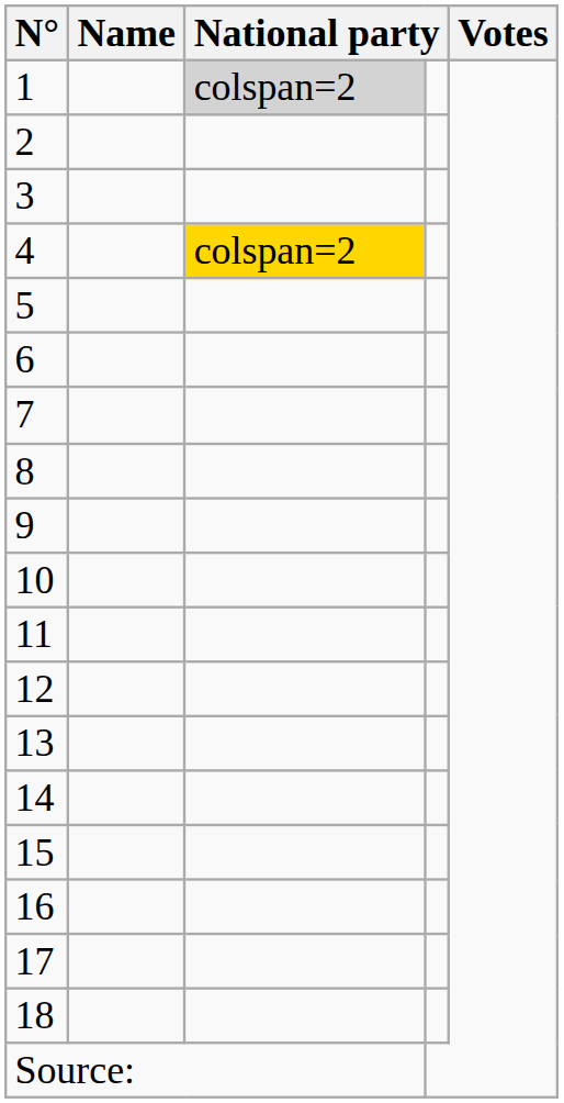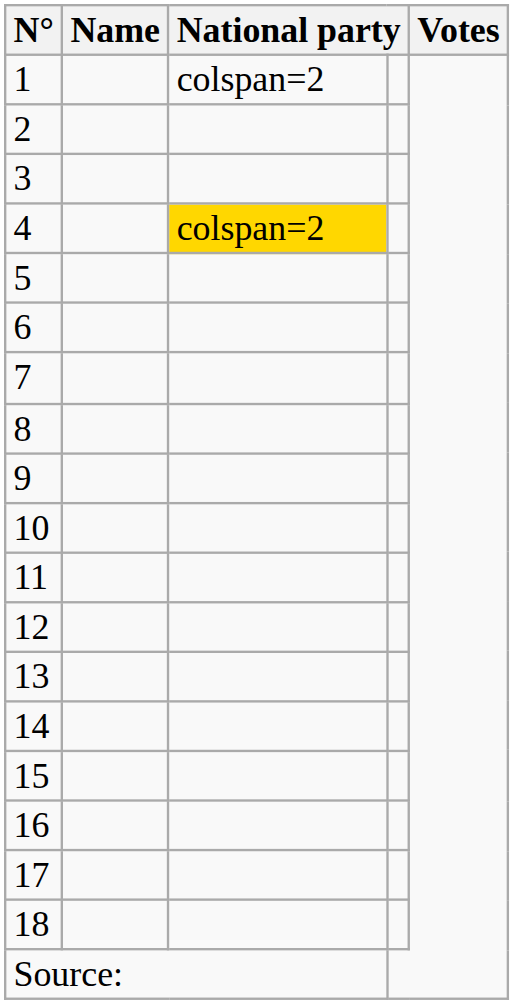 <table class="wikitable sortable" style="font-size:95%;line-height:14px;">
 <tr>
 <th>N°</th>
 <th>Name</th>
 <th colspan="2">National party</th>
 <th>Votes</th>
 </tr>
 <tr>
 <td>1</td>
 <td></td>
-<td style="background: lightgrey;">colspan=2 </td>
+<td>colspan=2 </td>
 <td></td>
 </tr>
 <tr>
 <td>2</td>
 <td></td>
 <td></td>
 <td></td>
 </tr>
 <tr>
 <td>3</td>
 <td><em></em></td>
 <td></td>
 <td></td>
 </tr>
 <tr>
 <td>4</td>
 <td></td>
 <td style="background: gold;">colspan=2 </td>
 <td></td>
 </tr>
 <tr>
 <td>5</td>
 <td></td>
 <td></td>
 <td></td>
 </tr>
 <tr>
 <td>6</td>
 <td></td>
 <td></td>
 <td></td>
 </tr>
 <tr>
 <td>7</td>
 <td></td>
 <td></td>
 <td></td>
 </tr>
 <tr>
 <td>8</td>
 <td></td>
 <td></td>
 <td></td>
 </tr>
 <tr>
 <td>9</td>
 <td></td>
 <td></td>
 <td></td>
 </tr>
 <tr>
 <td>10</td>
 <td></td>
 <td></td>
 <td></td>
 </tr>
 <tr>
 <td>11</td>
 <td></td>
 <td></td>
 <td></td>
 </tr>
 <tr>
 <td>12</td>
 <td></td>
 <td></td>
 <td></td>
 </tr>
 <tr>
 <td>13</td>
 <td></td>
 <td></td>
 <td></td>
 </tr>
 <tr>
 <td>14</td>
 <td></td>
 <td></td>
 <td></td>
 </tr>
 <tr>
 <td>15</td>
 <td></td>
 <td></td>
 <td></td>
 </tr>
 <tr>
 <td>16</td>
 <td></td>
 <td></td>
 <td></td>
 </tr>
 <tr>
 <td>17</td>
 <td></td>
 <td></td>
 <td></td>
 </tr>
 <tr>
 <td>18</td>
 <td></td>
 <td></td>
 <td></td>
 </tr>
 <tr>
 <td colspan="3">Source: </td>
 </tr>
 </table>
